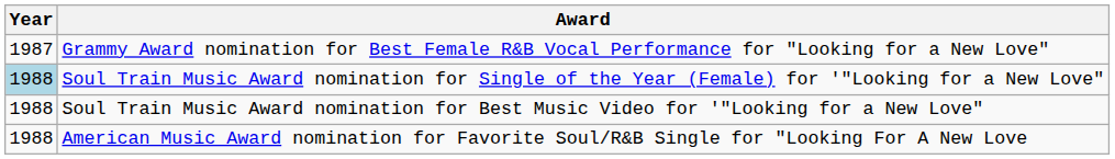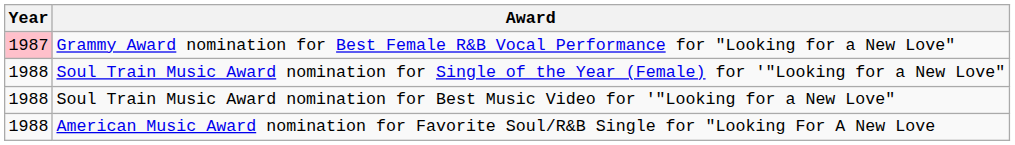 <table class="wikitable">
 <tr>
 <th>Year</th>
 <th>Award</th>
 </tr>
 <tr>
-<td>1987</td>
+<td style="background: pink;">1987</td>
 <td><a href='#'>Grammy Award</a> nomination for <a href='#'>Best Female R&B Vocal Performance</a> for "Looking for a New Love"</td>
 </tr>
 <tr>
-<td style="background: lightblue;">1988</td>
+<td>1988</td>
 <td><a href='#'>Soul Train Music Award</a> nomination for <a href='#'>Single of the Year (Female)</a> for '"Looking for a New Love"</td>
 </tr>
 <tr>
 <td>1988</td>
 <td>Soul Train Music Award nomination for Best Music Video for '"Looking for a New Love"</td>
 </tr>
 <tr>
 <td>1988</td>
 <td><a href='#'>American Music Award</a> nomination for Favorite Soul/R&B Single for "Looking For A New Love</td>
 </tr>
 </table>
